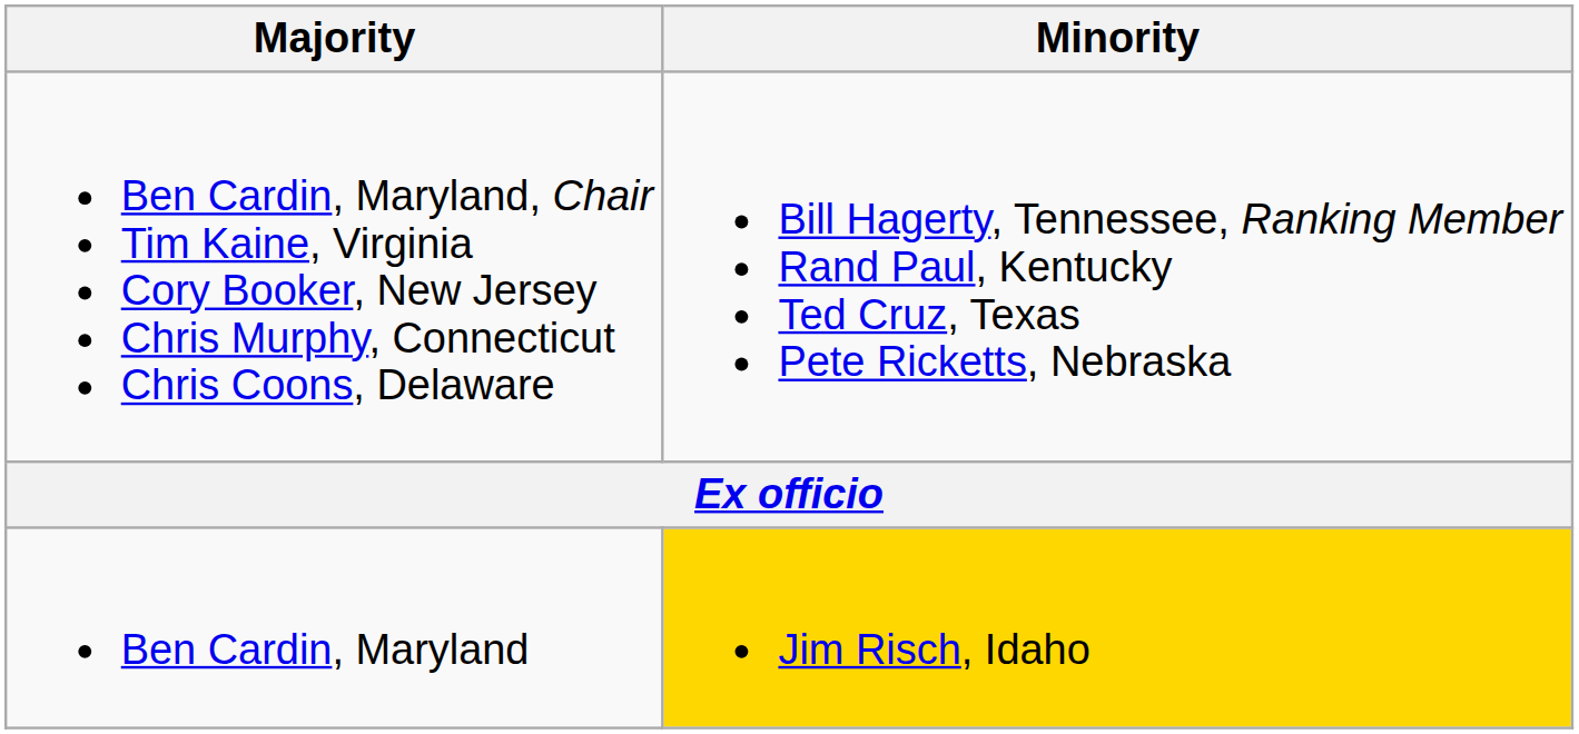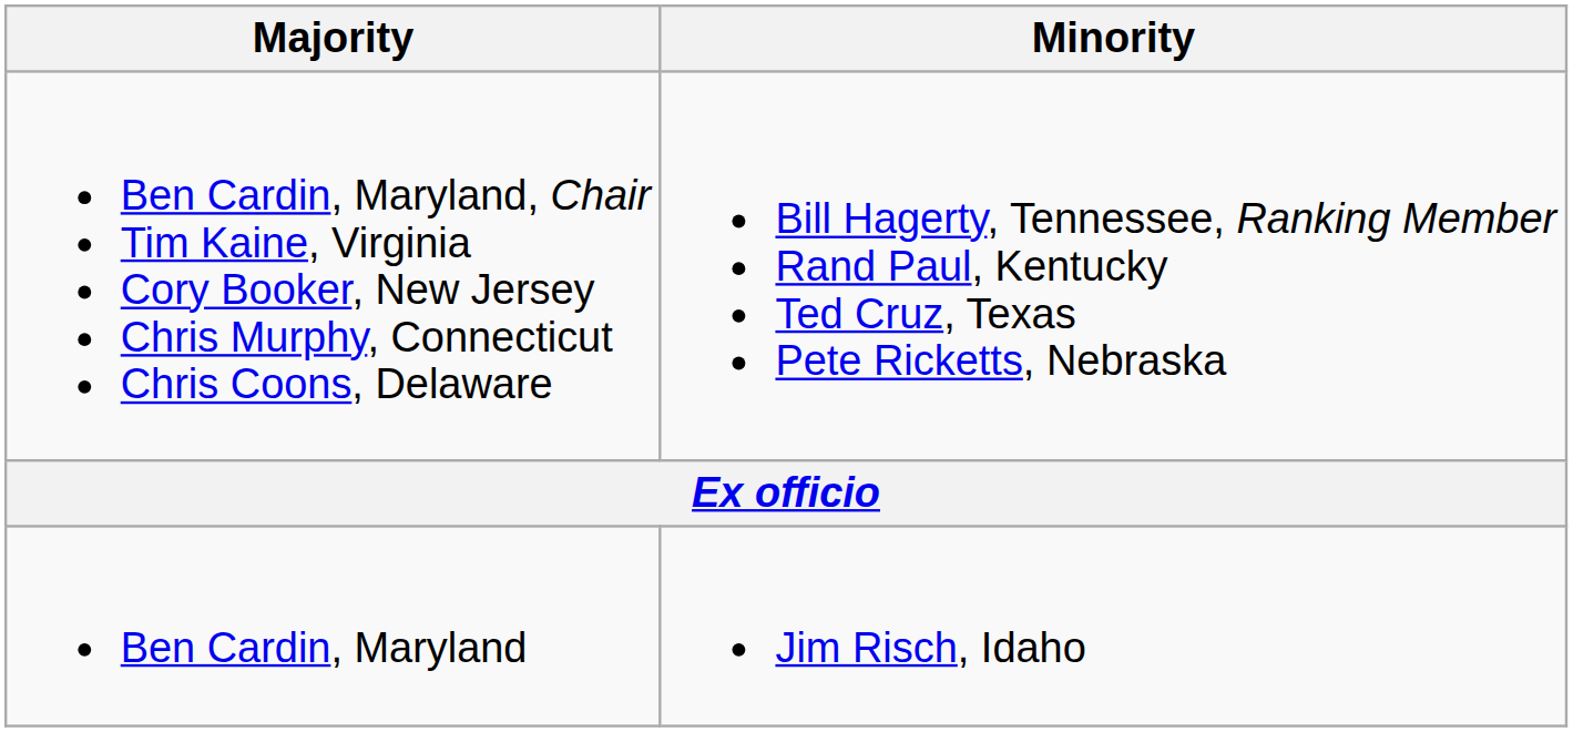 <table class=wikitable>
 <tr>
 <th>Majority</th>
 <th>Minority</th>
 </tr>
 <tr>
 <td><br><ul><li><a href='#'>Ben Cardin</a>, Maryland, <em>Chair</em></li><li><a href='#'>Tim Kaine</a>, Virginia</li><li><a href='#'>Cory Booker</a>, New Jersey</li><li><a href='#'>Chris Murphy</a>, Connecticut</li><li><a href='#'>Chris Coons</a>, Delaware</li></ul></td>
 <td><br><ul><li><a href='#'>Bill Hagerty</a>, Tennessee, <em>Ranking Member</em></li><li><a href='#'>Rand Paul</a>, Kentucky</li><li><a href='#'>Ted Cruz</a>, Texas</li><li><a href='#'>Pete Ricketts</a>, Nebraska</li></ul></td>
 </tr>
 <tr>
 <th colspan=2><em><a href='#'>Ex officio</a></em></th>
 </tr>
 <tr>
 <td><br><ul><li><a href='#'>Ben Cardin</a>, Maryland</li></ul></td>
-<td style="background: gold;"><br><ul><li><a href='#'>Jim Risch</a>, Idaho</li></ul></td>
+<td><br><ul><li><a href='#'>Jim Risch</a>, Idaho</li></ul></td>
 </tr>
 </table>
